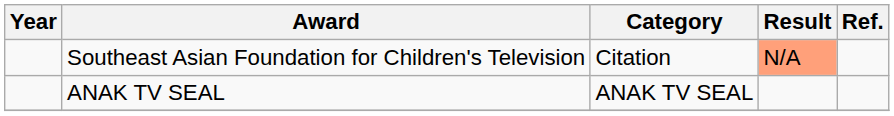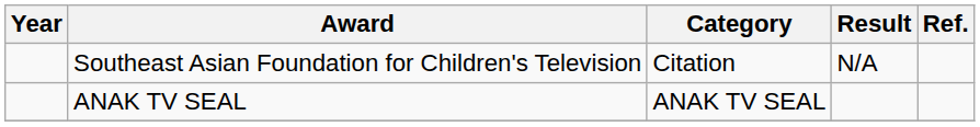 <table class="wikitable plainrowheaders">
 <tr>
 <th>Year</th>
 <th>Award</th>
 <th>Category</th>
 <th>Result</th>
 <th>Ref.</th>
 </tr>
 <tr>
 <td></td>
 <td>Southeast Asian Foundation for Children's Television</td>
 <td>Citation</td>
-<td style="background: lightsalmon;">N/A</td>
+<td>N/A</td>
 <td></td>
 </tr>
 <tr>
 <td></td>
 <td>ANAK TV SEAL</td>
 <td>ANAK TV SEAL</td>
 <td></td>
 <td></td>
 </tr>
 <tr>
 </tr>
 </table>
